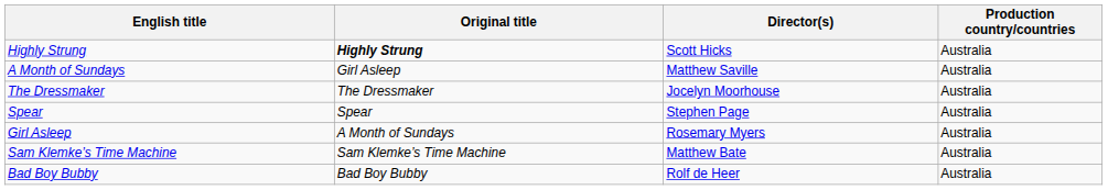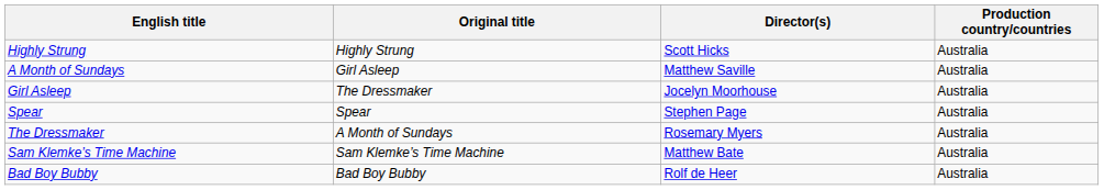 <table class="sortable wikitable" width="85%" cellpadding="5">
 <tr>
 <th width="30%">English title</th>
 <th width="30%">Original title</th>
 <th width="25%">Director(s)</th>
 <th width="15%">Production country/countries</th>
 </tr>
 <tr>
 <td><em><a href='#'>Highly Strung</a></em></td>
-<td><strong><em>Highly Strung</em></strong></td>
+<td><em>Highly Strung</em></td>
 <td><a href='#'>Scott Hicks</a></td>
 <td>Australia</td>
 </tr>
 <tr>
 <td><em><a href='#'>A Month of Sundays</a></em></td>
 <td><em>Girl Asleep</em></td>
 <td><a href='#'>Matthew Saville</a></td>
 <td>Australia</td>
 </tr>
 <tr>
-<td><em><a href='#'>The Dressmaker</a></em></td>
+<td><em><a href='#'>Girl Asleep</a></em></td>
 <td><em>The Dressmaker</em></td>
 <td><a href='#'>Jocelyn Moorhouse</a></td>
 <td>Australia</td>
 </tr>
 <tr>
 <td><em><a href='#'>Spear</a></em></td>
 <td><em>Spear</em></td>
 <td><a href='#'>Stephen Page</a></td>
 <td>Australia</td>
 </tr>
 <tr>
-<td><em><a href='#'>Girl Asleep</a></em></td>
+<td><em><a href='#'>The Dressmaker</a></em></td>
 <td><em>A Month of Sundays</em></td>
 <td><a href='#'>Rosemary Myers</a></td>
 <td>Australia</td>
 </tr>
 <tr>
 <td><em><a href='#'>Sam Klemke’s Time Machine</a></em></td>
 <td><em>Sam Klemke’s Time Machine</em></td>
 <td><a href='#'>Matthew Bate</a></td>
 <td>Australia</td>
 </tr>
 <tr>
 <td><em><a href='#'>Bad Boy Bubby</a></em></td>
 <td><em>Bad Boy Bubby</em></td>
 <td><a href='#'>Rolf de Heer</a></td>
 <td>Australia</td>
 </tr>
 </table>
